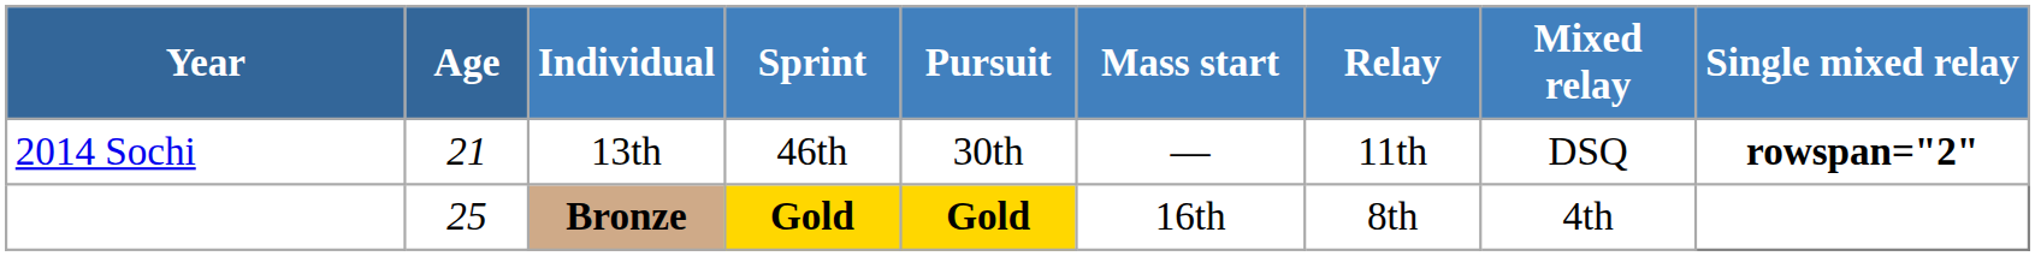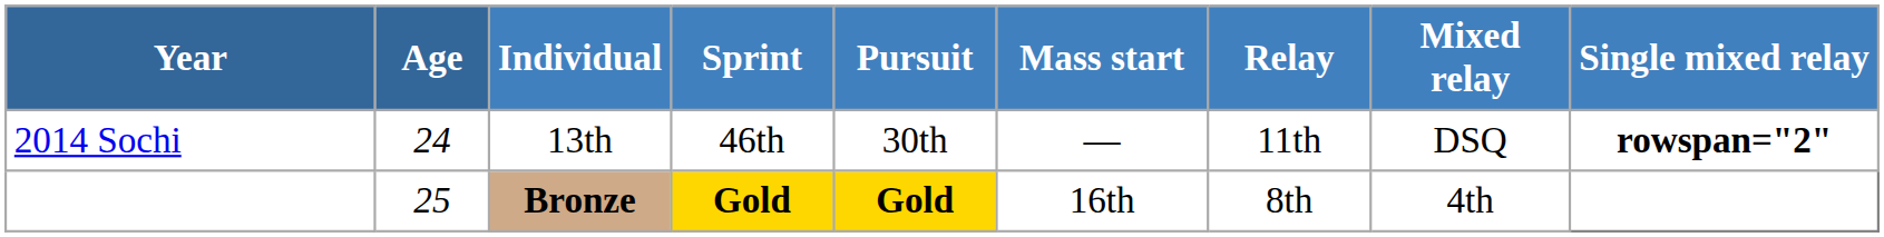 <table class="wikitable" style="font-size:95%; text-align:center; border:grey solid 1px; border-collapse:collapse; background:#ffffff;">
 <tr>
 <th style="background-color:#369; color:white;    width:145px;">Year</th>
 <th style="background-color:#369; color:white;    width:40px;">Age</th>
 <th style="background-color:#4180be; color:white; width:65px;">Individual</th>
 <th style="background-color:#4180be; color:white; width:60px;">Sprint</th>
 <th style="background-color:#4180be; color:white; width:60px;">Pursuit</th>
 <th style="background-color:#4180be; color:white; width:80px;">Mass start</th>
 <th style="background-color:#4180be; color:white; width:60px;">Relay</th>
 <th style="background-color:#4180be; color:white; width:75px;">Mixed relay</th>
 <th style="background-color:#4180be; color:white; width:120px;">Single mixed relay</th>
 </tr>
 <tr>
 <td align=left> <a href='#'>2014 Sochi</a></td>
-<td><em>21</em></td>
+<td><em>24</em></td>
 <td>13th</td>
 <td>46th</td>
 <td>30th</td>
 <td>—</td>
 <td>11th</td>
 <td>DSQ</td>
 <td><strong>rowspan="2" </strong></td>
 </tr>
 <tr>
 <td align=left></td>
 <td><em>25</em></td>
 <td style="background:#cfaa88;"><strong>Bronze</strong></td>
 <td style="background:gold;"><strong>Gold</strong></td>
 <td style="background:gold;"><strong>Gold</strong></td>
 <td>16th</td>
 <td>8th</td>
 <td>4th</td>
 </tr>
 </table>
